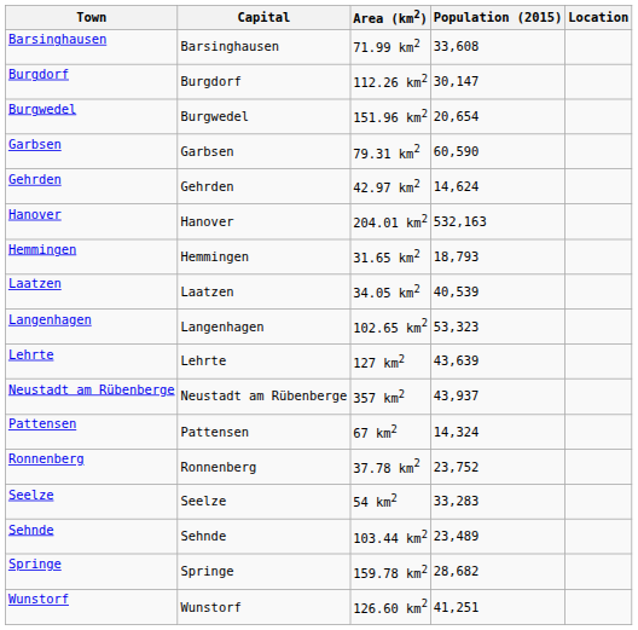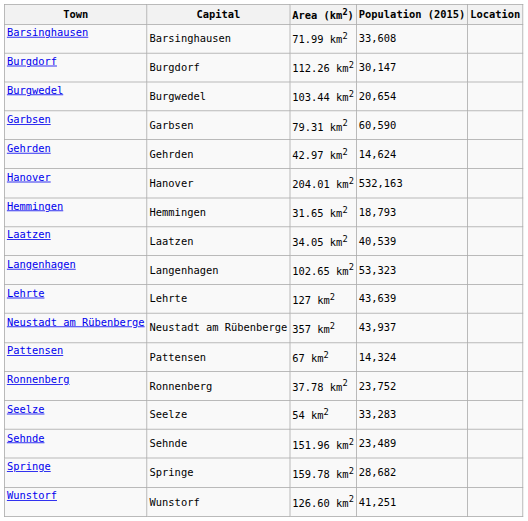 <table class="wikitable">
 <tr>
 <th>Town</th>
 <th>Capital</th>
 <th>Area (km<sup>2</sup>)</th>
 <th>Population (2015)</th>
 <th>Location</th>
 </tr>
 <tr>
 <td><a href='#'>Barsinghausen</a><br><br></td>
 <td>Barsinghausen</td>
 <td>71.99 km<sup>2</sup></td>
 <td>33,608</td>
 <td><br></td>
 </tr>
 <tr>
 <td><a href='#'>Burgdorf</a><br><br></td>
 <td>Burgdorf</td>
 <td>112.26 km<sup>2</sup></td>
 <td>30,147</td>
 <td><br></td>
 </tr>
 <tr>
 <td><a href='#'>Burgwedel</a><br><br></td>
 <td>Burgwedel</td>
-<td>151.96 km<sup>2</sup></td>
+<td>103.44 km<sup>2</sup></td>
 <td>20,654</td>
 <td><br></td>
 </tr>
 <tr>
 <td><a href='#'>Garbsen</a> <br><br></td>
 <td>Garbsen</td>
 <td>79.31 km<sup>2</sup></td>
 <td>60,590</td>
 <td><br></td>
 </tr>
 <tr>
 <td><a href='#'>Gehrden</a><br><br></td>
 <td>Gehrden</td>
 <td>42.97 km<sup>2</sup></td>
 <td>14,624</td>
 <td><br></td>
 </tr>
 <tr>
 <td><a href='#'>Hanover</a><br><br></td>
 <td>Hanover</td>
 <td>204.01 km<sup>2</sup></td>
 <td>532,163</td>
 <td><br></td>
 </tr>
 <tr>
 <td><a href='#'>Hemmingen</a> <br><br></td>
 <td>Hemmingen</td>
 <td>31.65 km<sup>2</sup></td>
 <td>18,793</td>
 <td><br></td>
 </tr>
 <tr>
 <td><a href='#'>Laatzen</a><br><br></td>
 <td>Laatzen</td>
 <td>34.05 km<sup>2</sup></td>
 <td>40,539</td>
 <td><br></td>
 </tr>
 <tr>
 <td><a href='#'>Langenhagen</a> <br><br></td>
 <td>Langenhagen</td>
 <td>102.65 km<sup>2</sup></td>
 <td>53,323</td>
 <td><br></td>
 </tr>
 <tr>
 <td><a href='#'>Lehrte</a> <br><br></td>
 <td>Lehrte</td>
 <td>127 km<sup>2</sup></td>
 <td>43,639</td>
 <td><br></td>
 </tr>
 <tr>
 <td><a href='#'>Neustadt am Rübenberge</a><br><br></td>
 <td>Neustadt am Rübenberge</td>
 <td>357 km<sup>2</sup></td>
 <td>43,937</td>
 <td><br></td>
 </tr>
 <tr>
 <td><a href='#'>Pattensen</a><br><br></td>
 <td>Pattensen</td>
 <td>67 km<sup>2</sup></td>
 <td>14,324</td>
 <td><br></td>
 </tr>
 <tr>
 <td><a href='#'>Ronnenberg</a><br><br></td>
 <td>Ronnenberg</td>
 <td>37.78 km<sup>2</sup></td>
 <td>23,752</td>
 <td><br></td>
 </tr>
 <tr>
 <td><a href='#'>Seelze</a><br><br></td>
 <td>Seelze</td>
 <td>54 km<sup>2</sup></td>
 <td>33,283</td>
 <td><br></td>
 </tr>
 <tr>
 <td><a href='#'>Sehnde</a> <br><br></td>
 <td>Sehnde</td>
-<td>103.44 km<sup>2</sup></td>
+<td>151.96 km<sup>2</sup></td>
 <td>23,489</td>
 <td><br></td>
 </tr>
 <tr>
 <td><a href='#'>Springe</a><br><br></td>
 <td>Springe</td>
 <td>159.78 km<sup>2</sup></td>
 <td>28,682</td>
 <td><br></td>
 </tr>
 <tr>
 <td><a href='#'>Wunstorf</a> <br><br></td>
 <td>Wunstorf</td>
 <td>126.60 km<sup>2</sup></td>
 <td>41,251</td>
 <td><br></td>
 </tr>
 </table>
